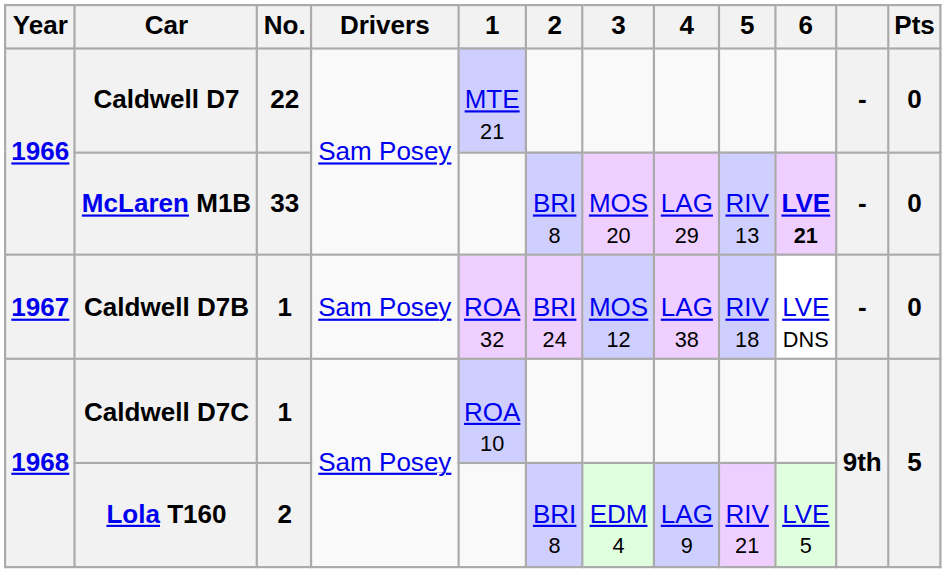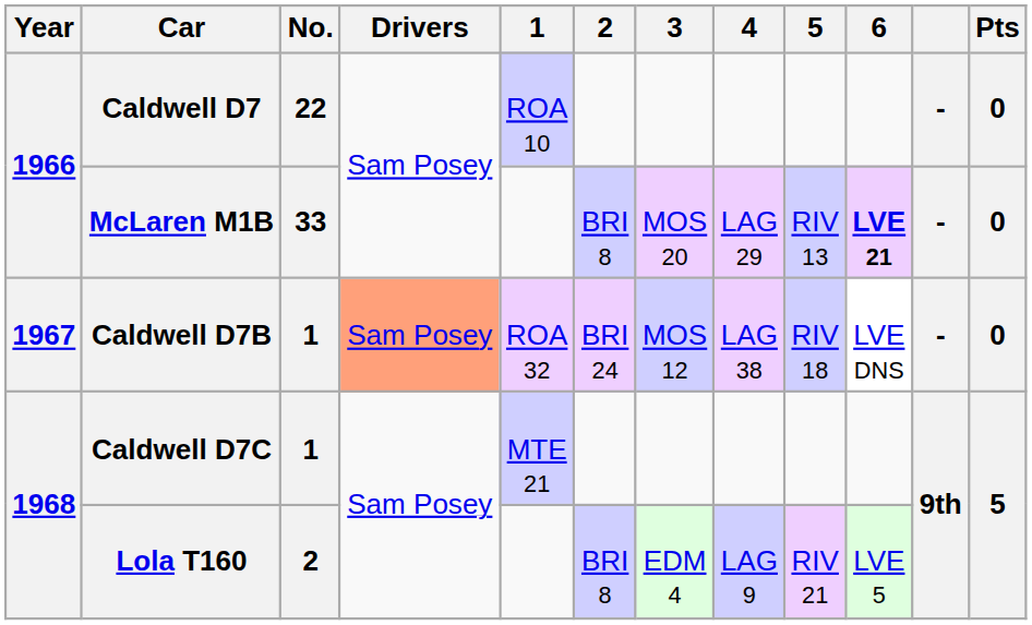 <table class="wikitable collapsible" style="text-align:center; font-size:75%">
 <tr>
 <th>Year</th>
 <th>Car</th>
 <th>No.</th>
 <th>Drivers</th>
 <th>1</th>
 <th>2</th>
 <th>3</th>
 <th>4</th>
 <th>5</th>
 <th>6</th>
 <th></th>
 <th>Pts</th>
 </tr>
 <tr>
 <th rowspan=2><a href='#'>1966</a></th>
 <th>Caldwell D7</th>
 <th>22</th>
 <td rowspan=2 align="left"> <a href='#'>Sam Posey</a></td>
-<td style="background-color:#cfcfff"> <br> <a href='#'>MTE</a><br> <small>21</small></td>
+<td style="background-color:#cfcfff"> <br> <a href='#'>ROA</a><br> <small>10</small></td>
 <td></td>
 <td></td>
 <td></td>
 <td></td>
 <td></td>
 <th>-</th>
 <th>0</th>
 </tr>
 <tr>
 <th><a href='#'>McLaren</a> M1B</th>
 <th>33</th>
 <td></td>
 <td style="background-color:#cfcfff"> <br> <a href='#'>BRI</a> <br> <small>8</small></td>
 <td style="background-color:#efcfff"> <br> <a href='#'>MOS</a><br><small>20</small></td>
 <td style="background-color:#efcfff"> <br> <a href='#'>LAG</a><br><small>29</small></td>
 <td style="background-color:#cfcfff"> <br> <a href='#'>RIV</a><br> <small>13</small></td>
 <td style="background-color:#efcfff"><strong> <br> <a href='#'>LVE</a><br> <small>21</small></strong></td>
 <th>-</th>
 <th>0</th>
 </tr>
 <tr>
 <th><a href='#'>1967</a></th>
 <th>Caldwell D7B</th>
 <th>1</th>
-<td> <a href='#'>Sam Posey</a></td>
+<td style="background: lightsalmon;"> <a href='#'>Sam Posey</a></td>
 <td style="background-color:#efcfff"> <br> <a href='#'>ROA</a><br> <small>32</small></td>
 <td style="background-color:#efcfff"> <br> <a href='#'>BRI</a> <br> <small>24</small></td>
 <td style="background-color:#cfcfff"> <br> <a href='#'>MOS</a><br><small>12</small></td>
 <td style="background-color:#efcfff"> <br> <a href='#'>LAG</a><br><small>38</small></td>
 <td style="background-color:#cfcfff"> <br> <a href='#'>RIV</a><br> <small>18</small></td>
 <td style="background-color:#ffffff"> <br> <a href='#'>LVE</a><br> <small>DNS</small></td>
 <th>-</th>
 <th>0</th>
 </tr>
 <tr>
 <th rowspan=2><a href='#'>1968</a></th>
 <th>Caldwell D7C</th>
 <th>1</th>
 <td rowspan=2> <a href='#'>Sam Posey</a></td>
-<td style="background-color:#cfcfff"> <br> <a href='#'>ROA</a><br> <small>10</small></td>
+<td style="background-color:#cfcfff"> <br> <a href='#'>MTE</a><br> <small>21</small></td>
 <td></td>
 <td></td>
 <td></td>
 <td></td>
 <td></td>
 <th rowspan=2>9th</th>
 <th rowspan=2>5</th>
 </tr>
 <tr>
 <th><a href='#'>Lola</a> T160</th>
 <th>2</th>
 <td></td>
 <td style="background-color:#cfcfff"> <br> <a href='#'>BRI</a> <br> <small>8</small></td>
 <td style="background-color:#dfffdf"> <br> <a href='#'>EDM</a><br><small>4</small></td>
 <td style="background-color:#cfcfff"> <br> <a href='#'>LAG</a><br><small>9</small></td>
 <td style="background-color:#efcfff"> <br> <a href='#'>RIV</a><br> <small>21</small></td>
 <td style="background-color:#dfffdf"> <br> <a href='#'>LVE</a><br> <small>5</small></td>
 </tr>
 </table>
